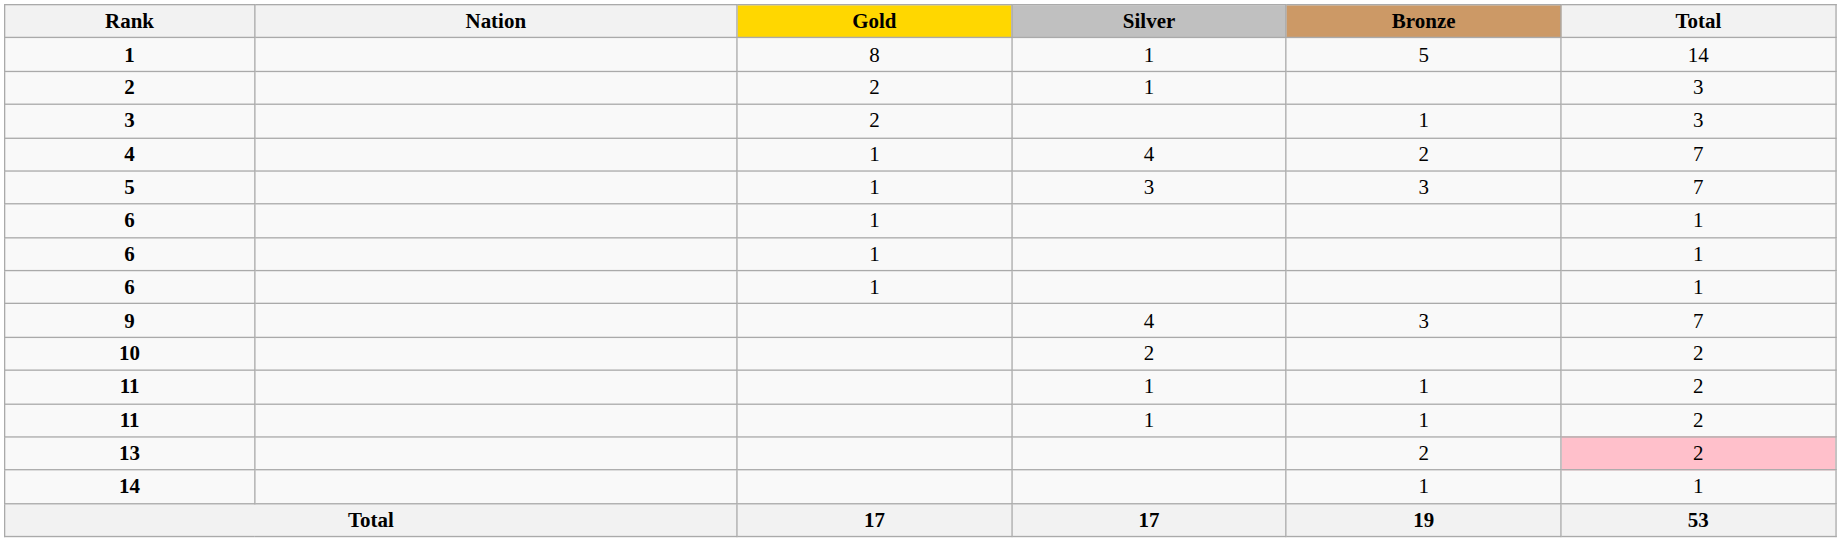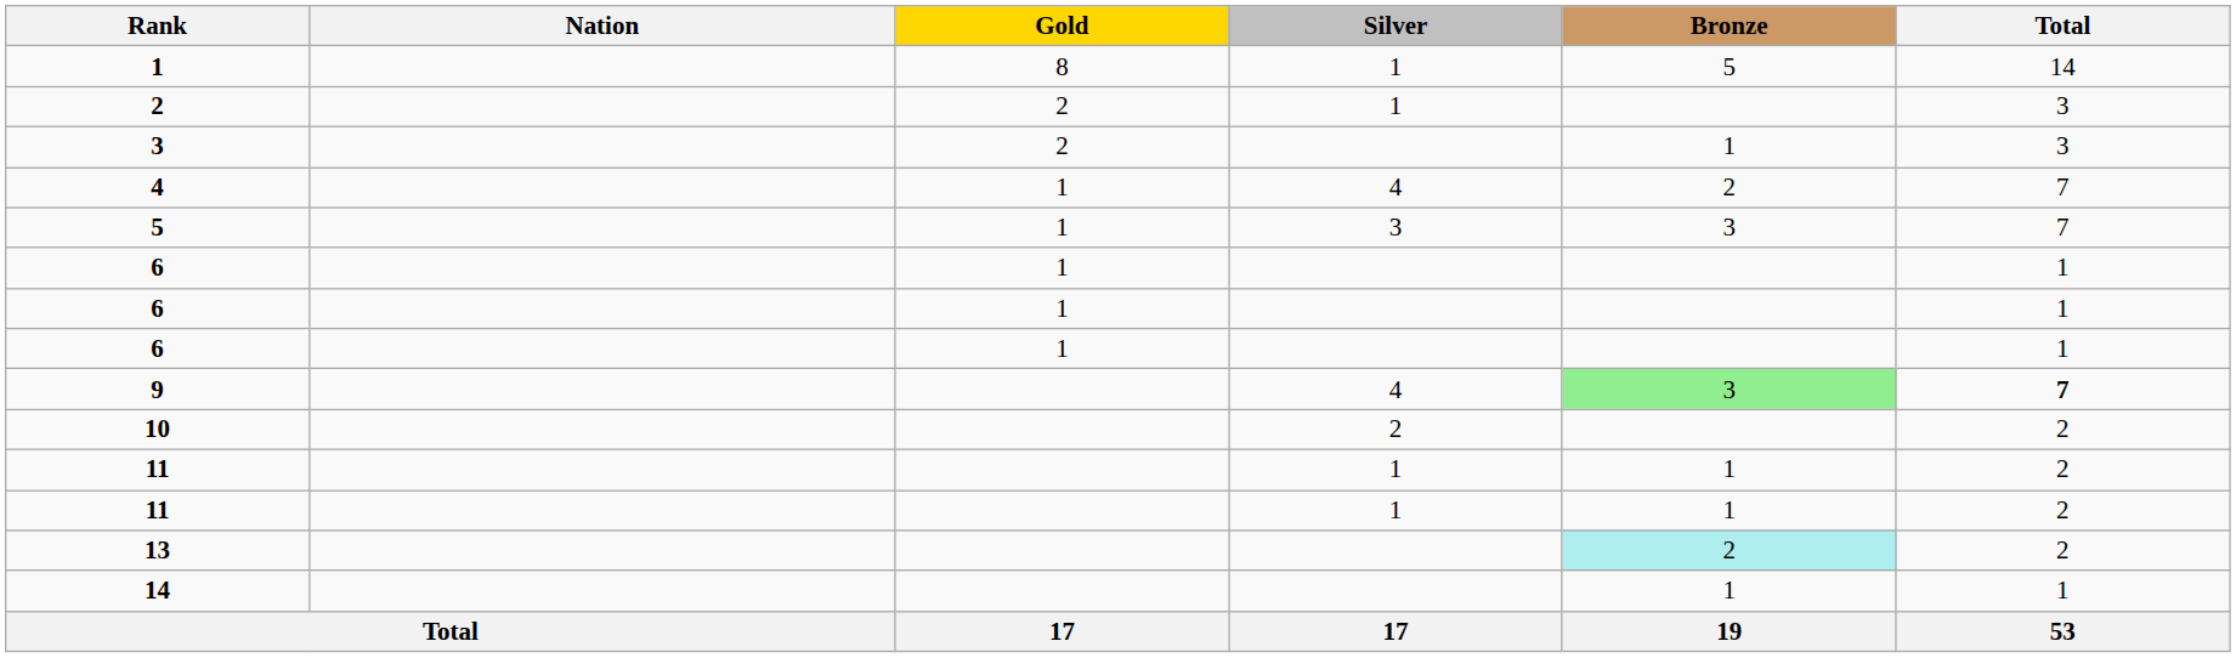 <table class="wikitable collapsible autocollapse plainrowheaders" width=70.5% style="text-align:center;">
 <tr style="background-color:#EDEDED;">
 <th width=100px class="hintergrundfarbe5">Rank</th>
 <th width=200px class="hintergrundfarbe6">Nation</th>
 <th style="background:    gold; width:15%">Gold</th>
 <th style="background:  silver; width:15%">Silver</th>
 <th style="background: #CC9966; width:15%">Bronze</th>
 <th class="hintergrundfarbe6" style="width:15%">Total</th>
 </tr>
 <tr>
 <td><strong>1</strong></td>
 <td align=left></td>
 <td>8</td>
 <td>1</td>
 <td>5</td>
 <td>14</td>
 </tr>
 <tr>
 <td><strong>2</strong></td>
 <td align=left></td>
 <td>2</td>
 <td>1</td>
 <td></td>
 <td>3</td>
 </tr>
 <tr>
 <td><strong>3</strong></td>
 <td align=left></td>
 <td>2</td>
 <td></td>
 <td>1</td>
 <td>3</td>
 </tr>
 <tr>
 <td><strong>4</strong></td>
 <td align=left></td>
 <td>1</td>
 <td>4</td>
 <td>2</td>
 <td>7</td>
 </tr>
 <tr>
 <td><strong>5</strong></td>
 <td align=left></td>
 <td>1</td>
 <td>3</td>
 <td>3</td>
 <td>7</td>
 </tr>
 <tr>
 <td><strong>6</strong></td>
 <td align=left></td>
 <td>1</td>
 <td></td>
 <td></td>
 <td>1</td>
 </tr>
 <tr>
 <td><strong>6</strong></td>
 <td align=left></td>
 <td>1</td>
 <td></td>
 <td></td>
 <td>1</td>
 </tr>
 <tr>
 <td><strong>6</strong></td>
 <td align=left></td>
 <td>1</td>
 <td></td>
 <td></td>
 <td>1</td>
 </tr>
 <tr>
 <td><strong>9</strong></td>
 <td align=left></td>
 <td></td>
 <td>4</td>
-<td>3</td>
-<td>7</td>
+<td style="background: lightgreen;">3</td>
+<td><strong>7</strong></td>
 </tr>
 <tr>
 <td><strong>10</strong></td>
 <td align=left></td>
 <td></td>
 <td>2</td>
 <td></td>
 <td>2</td>
 </tr>
 <tr>
 <td><strong>11</strong></td>
 <td align=left></td>
 <td></td>
 <td>1</td>
 <td>1</td>
 <td>2</td>
 </tr>
 <tr>
 <td><strong>11</strong></td>
 <td align=left></td>
 <td></td>
 <td>1</td>
 <td>1</td>
 <td>2</td>
 </tr>
 <tr>
 <td><strong>13</strong></td>
 <td align=left></td>
 <td></td>
 <td></td>
+<td style="background: paleturquoise;">2</td>
 <td>2</td>
-<td style="background: pink;">2</td>
 </tr>
 <tr>
 <td><strong>14</strong></td>
 <td align=left></td>
 <td></td>
 <td></td>
 <td>1</td>
 <td>1</td>
 </tr>
 <tr>
 <th colspan=2>Total</th>
 <th>17</th>
 <th>17</th>
 <th>19</th>
 <th>53</th>
 </tr>
 </table>
